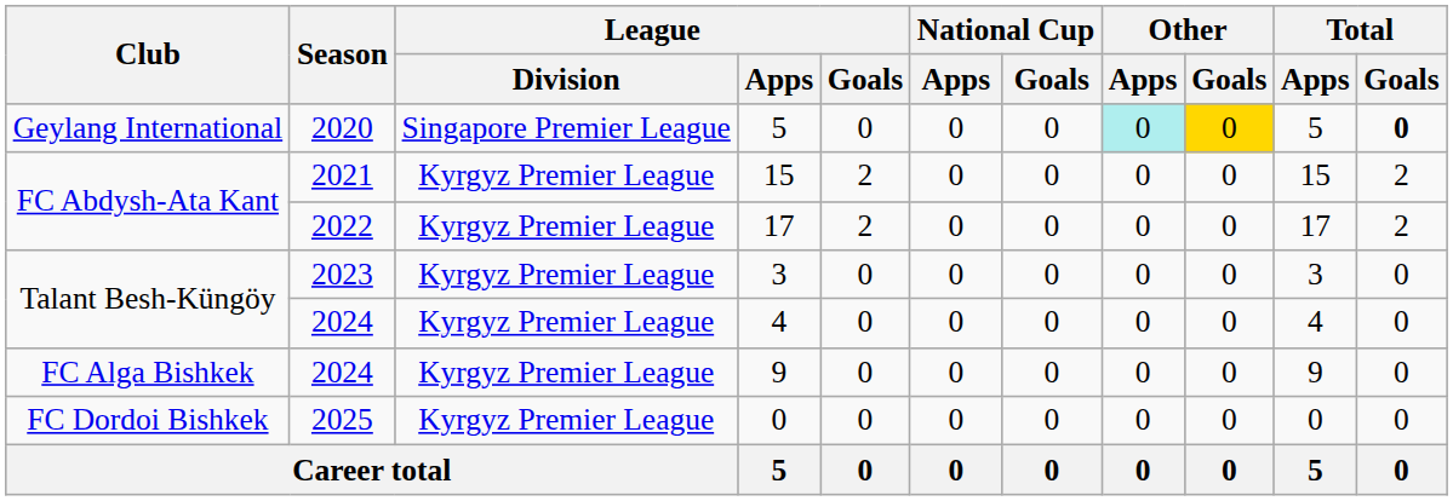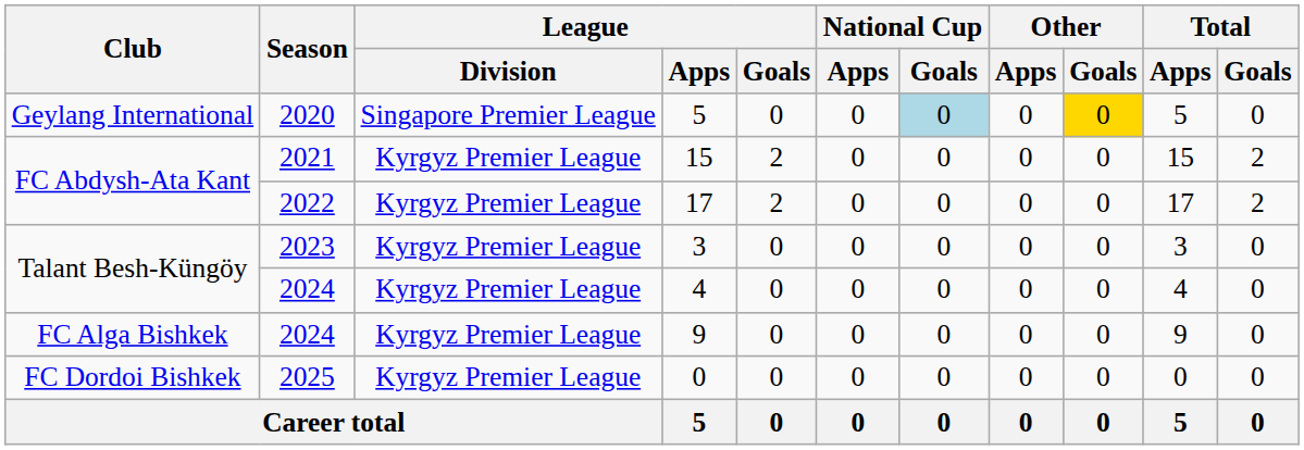 <table class="wikitable" style="text-align: center">
 <tr>
 <th rowspan="2">Club</th>
 <th rowspan="2">Season</th>
 <th colspan="3">League</th>
 <th colspan="2">National Cup</th>
 <th colspan="2">Other</th>
 <th colspan="2">Total</th>
 </tr>
 <tr>
 <th>Division</th>
 <th>Apps</th>
 <th>Goals</th>
 <th>Apps</th>
 <th>Goals</th>
 <th>Apps</th>
 <th>Goals</th>
 <th>Apps</th>
 <th>Goals</th>
 </tr>
 <tr>
 <td><a href='#'>Geylang International</a></td>
 <td><a href='#'>2020</a></td>
 <td><a href='#'>Singapore Premier League</a></td>
 <td>5</td>
 <td>0</td>
 <td>0</td>
+<td style="background: lightblue;">0</td>
 <td>0</td>
-<td style="background: paleturquoise;">0</td>
 <td style="background: gold;">0</td>
 <td>5</td>
-<td><strong>0</strong></td>
+<td>0</td>
 </tr>
 <tr>
 <td rowspan="2"><a href='#'>FC Abdysh-Ata Kant</a></td>
 <td><a href='#'>2021</a></td>
 <td><a href='#'>Kyrgyz Premier League</a></td>
 <td>15</td>
 <td>2</td>
 <td>0</td>
 <td>0</td>
 <td>0</td>
 <td>0</td>
 <td>15</td>
 <td>2</td>
 </tr>
 <tr>
 <td><a href='#'>2022</a></td>
 <td><a href='#'>Kyrgyz Premier League</a></td>
 <td>17</td>
 <td>2</td>
 <td>0</td>
 <td>0</td>
 <td>0</td>
 <td>0</td>
 <td>17</td>
 <td>2</td>
 </tr>
 <tr>
 <td rowspan="2">Talant Besh-Küngöy</td>
 <td><a href='#'>2023</a></td>
 <td><a href='#'>Kyrgyz Premier League</a></td>
 <td>3</td>
 <td>0</td>
 <td>0</td>
 <td>0</td>
 <td>0</td>
 <td>0</td>
 <td>3</td>
 <td>0</td>
 </tr>
 <tr>
 <td><a href='#'>2024</a></td>
 <td><a href='#'>Kyrgyz Premier League</a></td>
 <td>4</td>
 <td>0</td>
 <td>0</td>
 <td>0</td>
 <td>0</td>
 <td>0</td>
 <td>4</td>
 <td>0</td>
 </tr>
 <tr>
 <td rowspan="1"><a href='#'>FC Alga Bishkek</a></td>
 <td><a href='#'>2024</a></td>
 <td><a href='#'>Kyrgyz Premier League</a></td>
 <td>9</td>
 <td>0</td>
 <td>0</td>
 <td>0</td>
 <td>0</td>
 <td>0</td>
 <td>9</td>
 <td>0</td>
 </tr>
 <tr>
 <td rowspan="1"><a href='#'>FC Dordoi Bishkek</a></td>
 <td><a href='#'>2025</a></td>
 <td><a href='#'>Kyrgyz Premier League</a></td>
 <td>0</td>
 <td>0</td>
 <td>0</td>
 <td>0</td>
 <td>0</td>
 <td>0</td>
 <td>0</td>
 <td>0</td>
 </tr>
 <tr>
 <th colspan=3>Career total</th>
 <th>5</th>
 <th>0</th>
 <th>0</th>
 <th>0</th>
 <th>0</th>
 <th>0</th>
 <th>5</th>
 <th>0</th>
 </tr>
 </table>
